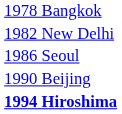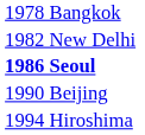 <table>
 <tr>
 <td><a href='#'>1978 Bangkok</a></td>
 <td></td>
 <td></td>
 <td></td>
 </tr>
 <tr>
 <td><a href='#'>1982 New Delhi</a></td>
 <td></td>
 <td></td>
 <td></td>
 </tr>
 <tr>
-<td><a href='#'>1986 Seoul</a></td>
+<td><strong><a href='#'>1986 Seoul</a></strong></td>
 <td></td>
 <td></td>
 <td></td>
 </tr>
 <tr>
 <td><a href='#'>1990 Beijing</a></td>
 <td></td>
 <td></td>
 <td></td>
 </tr>
 <tr>
-<td><strong><a href='#'>1994 Hiroshima</a></strong></td>
+<td><a href='#'>1994 Hiroshima</a></td>
 <td></td>
 <td></td>
 <td></td>
 </tr>
 </table>
